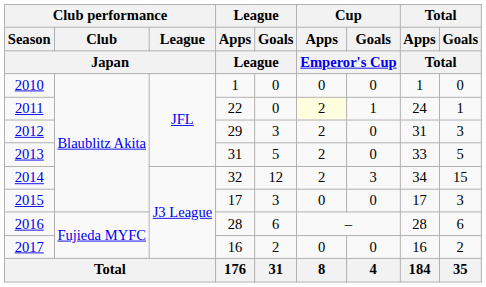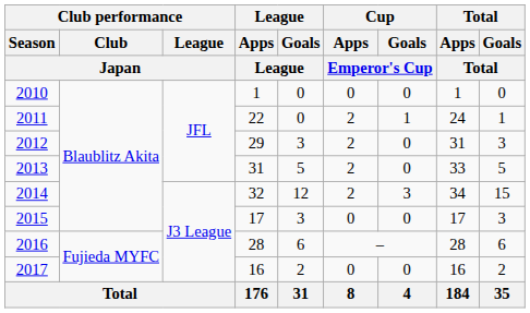 <table class="wikitable" style="text-align:center;">
 <tr>
 <th colspan=3>Club performance</th>
 <th colspan=2>League</th>
 <th colspan=2>Cup</th>
 <th colspan=2>Total</th>
 </tr>
 <tr>
 <th>Season</th>
 <th>Club</th>
 <th>League</th>
 <th>Apps</th>
 <th>Goals</th>
 <th>Apps</th>
 <th>Goals</th>
 <th>Apps</th>
 <th>Goals</th>
 </tr>
 <tr>
 <th colspan=3>Japan</th>
 <th colspan=2>League</th>
 <th colspan=2><a href='#'>Emperor's Cup</a></th>
 <th colspan=2>Total</th>
 </tr>
 <tr>
 <td><a href='#'>2010</a></td>
 <td rowspan="6"><a href='#'>Blaublitz Akita</a></td>
 <td rowspan="4"><a href='#'>JFL</a></td>
 <td>1</td>
 <td>0</td>
 <td>0</td>
 <td>0</td>
 <td>1</td>
 <td>0</td>
 </tr>
 <tr>
 <td><a href='#'>2011</a></td>
 <td>22</td>
 <td>0</td>
-<td style="background: lightyellow;">2</td>
+<td>2</td>
 <td>1</td>
 <td>24</td>
 <td>1</td>
 </tr>
 <tr>
 <td><a href='#'>2012</a></td>
 <td>29</td>
 <td>3</td>
 <td>2</td>
 <td>0</td>
 <td>31</td>
 <td>3</td>
 </tr>
 <tr>
 <td><a href='#'>2013</a></td>
 <td>31</td>
 <td>5</td>
 <td>2</td>
 <td>0</td>
 <td>33</td>
 <td>5</td>
 </tr>
 <tr>
 <td><a href='#'>2014</a></td>
 <td rowspan="4"><a href='#'>J3 League</a></td>
 <td>32</td>
 <td>12</td>
 <td>2</td>
 <td>3</td>
 <td>34</td>
 <td>15</td>
 </tr>
 <tr>
 <td><a href='#'>2015</a></td>
 <td>17</td>
 <td>3</td>
 <td>0</td>
 <td>0</td>
 <td>17</td>
 <td>3</td>
 </tr>
 <tr>
 <td><a href='#'>2016</a></td>
 <td rowspan="2"><a href='#'>Fujieda MYFC</a></td>
 <td>28</td>
 <td>6</td>
 <td colspan="2">–</td>
 <td>28</td>
 <td>6</td>
 </tr>
 <tr>
 <td><a href='#'>2017</a></td>
 <td>16</td>
 <td>2</td>
 <td>0</td>
 <td>0</td>
 <td>16</td>
 <td>2</td>
 </tr>
 <tr>
 <th colspan=3>Total</th>
 <th>176</th>
 <th>31</th>
 <th>8</th>
 <th>4</th>
 <th>184</th>
 <th>35</th>
 </tr>
 </table>
